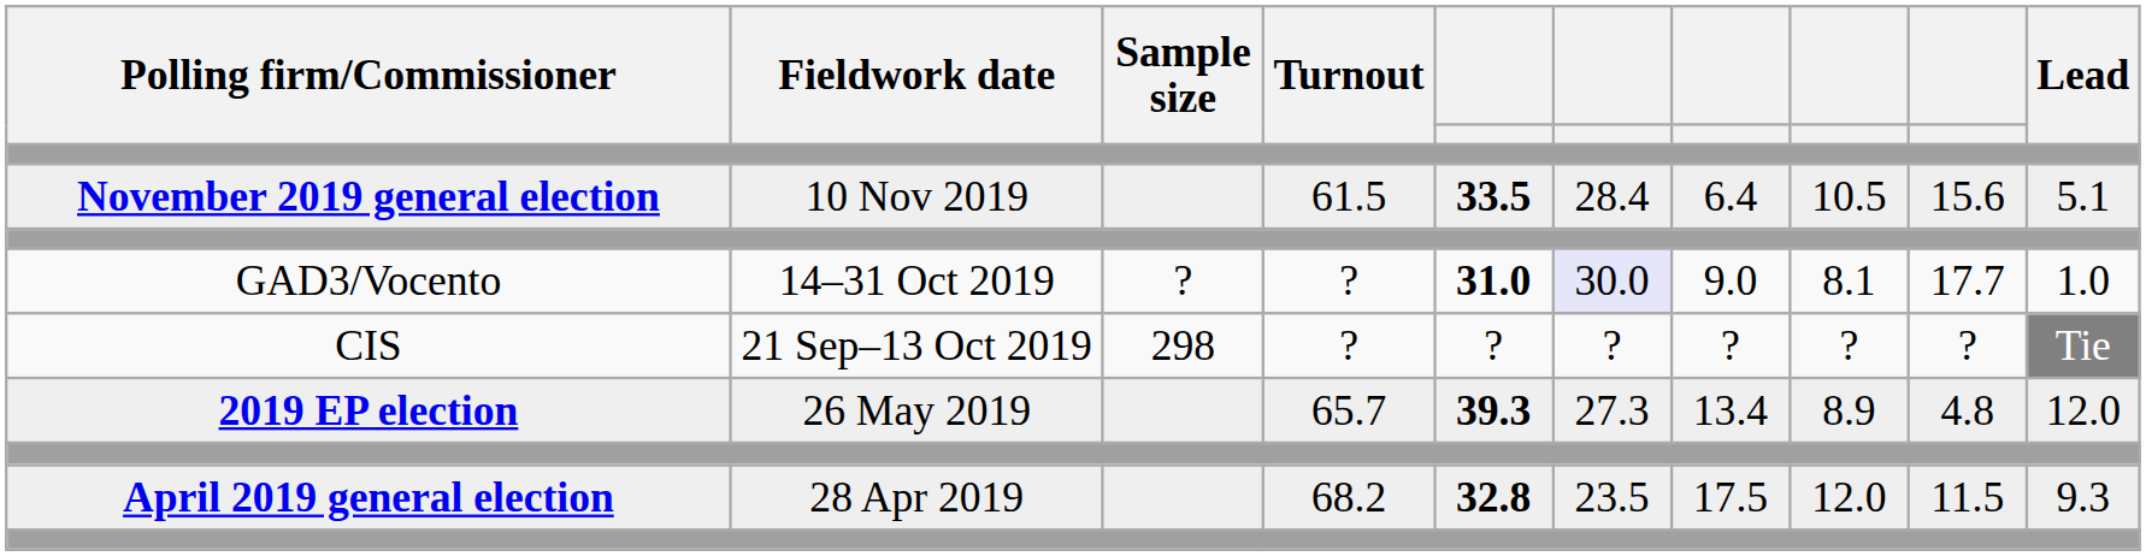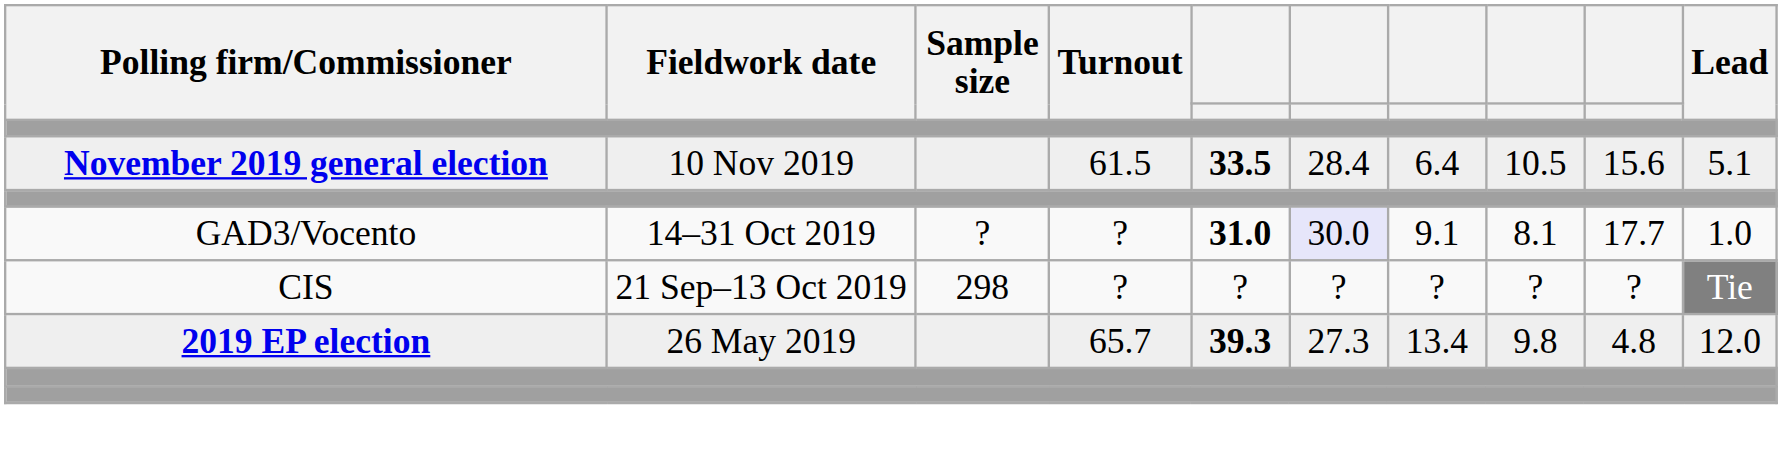 <table class="wikitable collapsible collapsed" style="text-align:center; font-size:95%; line-height:16px;">
 <tr style="height:42px;">
 <th style="width:250px;" rowspan="2">Polling firm/Commissioner</th>
 <th style="width:125px;" rowspan="2">Fieldwork date</th>
 <th style="width:50px;" rowspan="2">Sample size</th>
 <th style="width:45px;" rowspan="2">Turnout</th>
 <th style="width:35px;"></th>
 <th style="width:35px;"></th>
 <th style="width:35px;"></th>
 <th style="width:35px;"></th>
 <th style="width:35px;"></th>
 <th style="width:30px;" rowspan="2">Lead</th>
 </tr>
 <tr>
 <th style="color:inherit;background:"></th>
 <th style="color:inherit;background:"></th>
 <th style="color:inherit;background:"></th>
 <th style="color:inherit;background:"></th>
 <th style="color:inherit;background:"></th>
 </tr>
 <tr>
 <td colspan="10" style="background:#A0A0A0"></td>
 </tr>
 <tr style="background:#EFEFEF;">
 <td><strong><a href='#'>November 2019 general election</a></strong></td>
 <td>10 Nov 2019</td>
 <td></td>
 <td>61.5</td>
 <td><strong>33.5</strong><br></td>
 <td>28.4<br></td>
 <td>6.4<br></td>
 <td>10.5<br></td>
 <td>15.6<br></td>
 <td style="background:">5.1</td>
 </tr>
 <tr>
 <td colspan="10" style="background:#A0A0A0"></td>
 </tr>
 <tr>
 <td>GAD3/Vocento</td>
 <td>14–31 Oct 2019</td>
 <td>?</td>
 <td>?</td>
 <td><strong>31.0</strong><br></td>
 <td style="background: lavender;">30.0<br></td>
-<td>9.0<br></td>
+<td>9.1<br></td>
 <td>8.1<br></td>
 <td>17.7<br></td>
 <td style="background:">1.0</td>
 </tr>
 <tr>
 <td>CIS</td>
 <td>21 Sep–13 Oct 2019</td>
 <td>298</td>
 <td>?</td>
 <td>?<br></td>
 <td>?<br></td>
 <td>?<br></td>
 <td>?<br></td>
 <td>?<br></td>
 <td style="background:gray;color:white;">Tie</td>
 </tr>
 <tr style="background:#EFEFEF;">
 <td><strong><a href='#'>2019 EP election</a></strong></td>
 <td>26 May 2019</td>
 <td></td>
 <td>65.7</td>
 <td><strong>39.3</strong><br></td>
 <td>27.3<br></td>
 <td>13.4<br></td>
-<td>8.9<br></td>
+<td>9.8<br></td>
 <td>4.8<br></td>
 <td style="background:">12.0</td>
 </tr>
 <tr>
 <td colspan="10" style="background:#A0A0A0"></td>
-</tr>
-<tr style="background:#EFEFEF;">
-<td><strong><a href='#'>April 2019 general election</a></strong></td>
-<td>28 Apr 2019</td>
-<td></td>
-<td>68.2</td>
-<td><strong>32.8</strong><br></td>
-<td>23.5<br></td>
-<td>17.5<br></td>
-<td>12.0<br></td>
-<td>11.5<br></td>
-<td style="background:">9.3</td>
 </tr>
 <tr>
 <td colspan="10" style="background:#A0A0A0"></td>
 </tr>
 <tr>
 </tr>
 </table>
